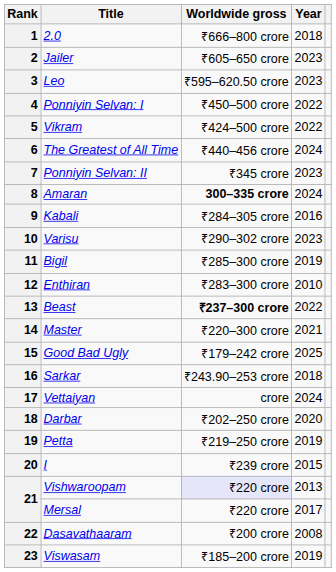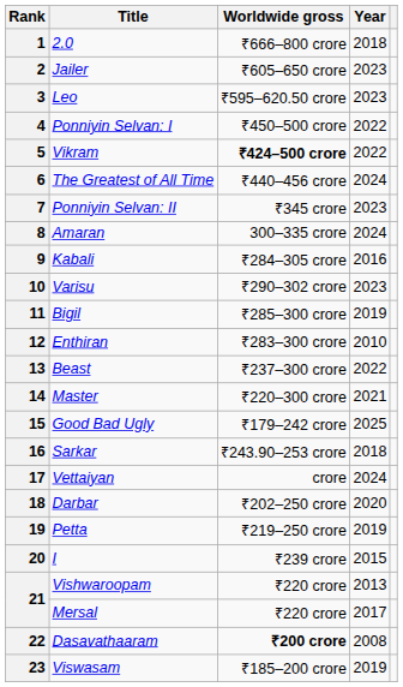 <table class="wikitable sortable plainrowheaders">
 <tr>
 <th scope="col">Rank</th>
 <th scope="col">Title</th>
 <th scope="col">Worldwide gross</th>
 <th scope="col">Year</th>
 <th scope="col" class="unsortable"></th>
 </tr>
 <tr>
 <th scope="row" style=text-align:right>1</th>
 <td><em><a href='#'>2.0</a></em></td>
 <td align="right">₹666–800 crore</td>
 <td align="center">2018</td>
 <td align="center"></td>
 </tr>
 <tr>
 <th scope="row" style=text-align:right>2</th>
 <td><em><a href='#'>Jailer</a></em></td>
 <td align="right">₹605–650 crore</td>
 <td align="center">2023</td>
 <td align="center"></td>
 </tr>
 <tr>
 <th scope="row" style=text-align:right>3</th>
 <td><em><a href='#'>Leo</a></em></td>
 <td align="right">₹595–620.50 crore</td>
 <td align="center">2023</td>
 <td align="center"></td>
 </tr>
 <tr>
 <th scope="row" style=text-align:right>4</th>
 <td><em><a href='#'>Ponniyin Selvan: I</a></em></td>
 <td align="right">₹450–500 crore</td>
 <td align="center">2022</td>
 <td align="center"></td>
 </tr>
 <tr>
 <th scope="row" style="text-align:right">5</th>
 <td><em><a href='#'>Vikram</a></em></td>
-<td align="right">₹424–500 crore</td>
+<td align="right"><strong>₹424–500 crore</strong></td>
 <td align="center">2022</td>
 <td align="center"></td>
 </tr>
 <tr>
 <th scope="row" style="text-align:right">6</th>
 <td><em><a href='#'>The Greatest of All Time</a></em></td>
 <td align="right">₹440–456 crore</td>
 <td align="center">2024</td>
 <td align="center"></td>
 </tr>
 <tr>
 <th scope="row" style=text-align:right>7</th>
 <td><em><a href='#'>Ponniyin Selvan: II</a></em></td>
 <td align="right">₹345 crore</td>
 <td align="center">2023</td>
 <td align="center"></td>
 </tr>
 <tr>
 <th scope="row" style="text-align:right">8</th>
 <td><em><a href='#'>Amaran</a></em></td>
-<td align="right"><strong>300–335 crore</strong></td>
+<td align="right">300–335 crore</td>
 <td style="text-align:center;">2024</td>
 <td style="text-align:center;"></td>
 </tr>
 <tr>
 <th scope="row" style="text-align:right">9</th>
 <td><em><a href='#'>Kabali</a></em></td>
 <td align="right">₹284–305 crore</td>
 <td align="center">2016</td>
 <td align="center"></td>
 </tr>
 <tr>
 <th scope="row" style="text-align:right">10</th>
 <td><em><a href='#'>Varisu</a></em></td>
 <td align="right">₹290–302 crore</td>
 <td align="center">2023</td>
 <td align="center"></td>
 </tr>
 <tr>
 <th scope="row" style="text-align:right">11</th>
 <td><em><a href='#'>Bigil</a></em></td>
 <td align="right">₹285–300 crore</td>
 <td align="center">2019</td>
 <td align="center"></td>
 </tr>
 <tr>
 <th scope="row" style="text-align:right">12</th>
 <td><em><a href='#'>Enthiran</a></em></td>
 <td align="right">₹283–300 crore</td>
 <td align="center">2010</td>
 <td align="center"></td>
 </tr>
 <tr>
 <th scope="row" style="text-align:right">13</th>
 <td><em><a href='#'>Beast</a> </em></td>
-<td align="right"><strong>₹237–300 crore</strong></td>
+<td align="right">₹237–300 crore</td>
 <td style="text-align:center;">2022</td>
 <td style="text-align:center;"></td>
 </tr>
 <tr>
 <th scope="row" style="text-align:right">14</th>
 <td><em><a href='#'>Master</a></em></td>
 <td align="right">₹220–300 crore</td>
 <td style="text-align:center;">2021</td>
 <td style="text-align:center;"></td>
 </tr>
 <tr>
 <th scope="row" style="text-align:right">15</th>
 <td><em><a href='#'>Good Bad Ugly</a></em></td>
 <td align="right">₹179–242 crore</td>
 <td align="center">2025</td>
 <td align="center"></td>
 </tr>
 <tr>
 <th scope="row" style="text-align:right">16</th>
 <td><em><a href='#'>Sarkar</a></em></td>
 <td align="right">₹243.90–253 crore</td>
 <td style="text-align:center;">2018</td>
 <td style="text-align:center;"></td>
 </tr>
 <tr>
 <th scope="row" style="text-align:right">17</th>
 <td><em><a href='#'>Vettaiyan</a></em></td>
 <td align="right"> crore</td>
 <td style="text-align:center;">2024</td>
 <td style="text-align:center;"></td>
 </tr>
 <tr>
 <th scope="row" style="text-align:right">18</th>
 <td><em><a href='#'>Darbar</a></em></td>
 <td align="right">₹202–250 crore</td>
 <td style="text-align:center;">2020</td>
 <td style="text-align:center;"></td>
 </tr>
 <tr>
 <th scope="row" style="text-align:right">19</th>
 <td><em><a href='#'>Petta</a></em></td>
 <td align="right">₹219–250 crore</td>
 <td style="text-align:center;">2019</td>
 <td style="text-align:center;"></td>
 </tr>
 <tr>
 <th scope="row" style="text-align:right">20</th>
 <td><em><a href='#'>I</a></em></td>
 <td align="right">₹239 crore</td>
 <td style="text-align:center;">2015</td>
 <td style="text-align:center;"></td>
 </tr>
 <tr>
 <th rowspan="2" scope="row" style="text-align:right">21</th>
 <td><em><a href='#'>Vishwaroopam</a></em></td>
-<td align="right" style="background: lavender;">₹220 crore</td>
+<td align="right">₹220 crore</td>
 <td style="text-align:center;">2013</td>
 <td style="text-align:center;"></td>
 </tr>
 <tr>
 <td><em><a href='#'>Mersal</a></em></td>
 <td align="right">₹220 crore</td>
 <td style="text-align:center;">2017</td>
 <td style="text-align:center;"></td>
 </tr>
 <tr>
 <th scope="row" style="text-align:right">22</th>
 <td><em><a href='#'>Dasavathaaram</a></em></td>
-<td align="right">₹200 crore</td>
+<td align="right"><strong>₹200 crore</strong></td>
 <td align="center">2008</td>
 <td align="center"></td>
 </tr>
 <tr>
 <th scope="row" style="text-align:right">23</th>
 <td><em><a href='#'>Viswasam</a></em></td>
 <td align="right">₹185–200 crore</td>
 <td align="center">2019</td>
 <td align="center"></td>
 </tr>
 </table>
